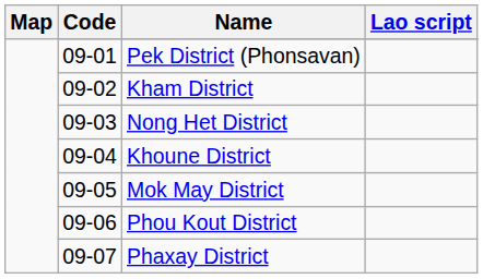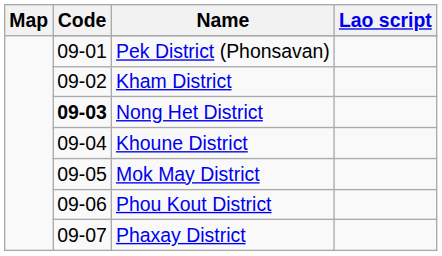 <table class="wikitable"  style="font-size:90%;">
 <tr>
 <th>Map</th>
 <th>Code</th>
 <th>Name</th>
 <th><a href='#'>Lao script</a></th>
 </tr>
 <tr>
 <td rowspan=9></td>
 </tr>
 <tr>
 <td>09-01</td>
 <td><a href='#'>Pek District</a> (Phonsavan)</td>
 <td></td>
 </tr>
 <tr>
 <td>09-02</td>
 <td><a href='#'>Kham District</a></td>
 <td></td>
 </tr>
 <tr>
-<td>09-03</td>
+<td><strong>09-03</strong></td>
 <td><a href='#'>Nong Het District</a></td>
 <td></td>
 </tr>
 <tr>
 <td>09-04</td>
 <td><a href='#'>Khoune District</a></td>
 <td></td>
 </tr>
 <tr>
 <td>09-05</td>
 <td><a href='#'>Mok May District</a></td>
 <td></td>
 </tr>
 <tr>
 <td>09-06</td>
 <td><a href='#'>Phou Kout District</a></td>
 <td></td>
 </tr>
 <tr>
 <td>09-07</td>
 <td><a href='#'>Phaxay District</a></td>
 <td></td>
 </tr>
 </table>
